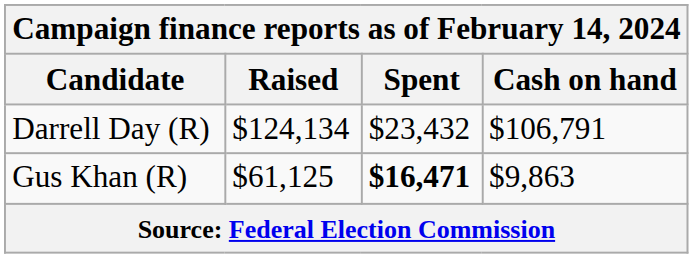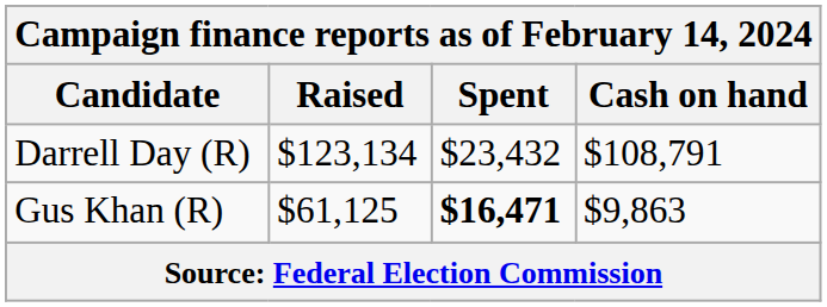 <table class="wikitable sortable">
 <tr>
 <th colspan=4>Campaign finance reports as of February 14, 2024</th>
 </tr>
 <tr style="text-align:center;">
 <th>Candidate</th>
 <th>Raised</th>
 <th>Spent</th>
 <th>Cash on hand</th>
 </tr>
 <tr>
 <td style="background-color:">Darrell Day (R)</td>
-<td>$124,134</td>
+<td>$123,134</td>
 <td>$23,432</td>
-<td>$106,791</td>
+<td>$108,791</td>
 </tr>
 <tr>
 <td style="background-color:">Gus Khan (R)</td>
 <td>$61,125</td>
 <td><strong>$16,471</strong></td>
 <td>$9,863</td>
 </tr>
 <tr>
 <th colspan="4"><small>Source: <a href='#'>Federal Election Commission</a></small></th>
 </tr>
 </table>
